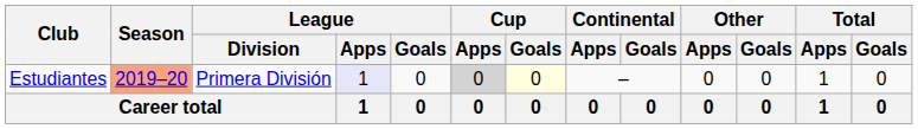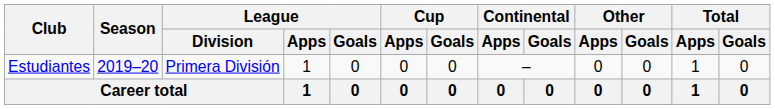 <table class="wikitable" style="text-align: center">
 <tr>
 <th rowspan="2">Club</th>
 <th rowspan="2">Season</th>
 <th colspan="3">League</th>
 <th colspan="2">Cup</th>
 <th colspan="2">Continental</th>
 <th colspan="2">Other</th>
 <th colspan="2">Total</th>
 </tr>
 <tr>
 <th>Division</th>
 <th>Apps</th>
 <th>Goals</th>
 <th>Apps</th>
 <th>Goals</th>
 <th>Apps</th>
 <th>Goals</th>
 <th>Apps</th>
 <th>Goals</th>
 <th>Apps</th>
 <th>Goals</th>
 </tr>
 <tr>
 <td><a href='#'>Estudiantes</a></td>
-<td style="background: lightsalmon;"><a href='#'>2019–20</a></td>
+<td><a href='#'>2019–20</a></td>
 <td><a href='#'>Primera División</a></td>
-<td style="background: lavender;">1</td>
+<td>1</td>
 <td>0</td>
-<td style="background: lightgrey;">0</td>
-<td style="background: lightyellow;">0</td>
+<td>0</td>
+<td>0</td>
 <td colspan="2">–</td>
 <td>0</td>
 <td>0</td>
 <td>1</td>
 <td>0</td>
 </tr>
 <tr>
 <th colspan=3>Career total</th>
 <th>1</th>
 <th>0</th>
 <th>0</th>
 <th>0</th>
 <th>0</th>
 <th>0</th>
 <th>0</th>
 <th>0</th>
 <th>1</th>
 <th>0</th>
 </tr>
 </table>
